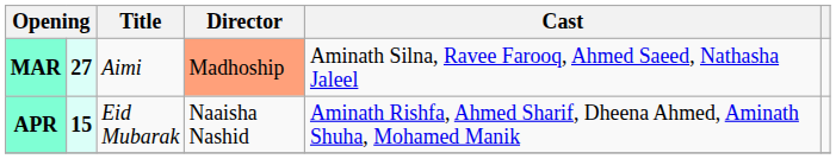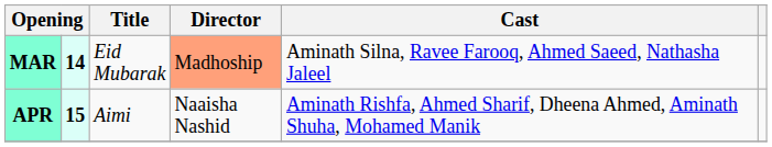 <table class="wikitable plainrowheaders" width="100%">
 <tr>
 <th scope="col" colspan="2" width="4%">Opening</th>
 <th scope="col" width="10%">Title</th>
 <th scope="col" width="15%">Director</th>
 <th scope="col" width="73%">Cast</th>
 <th scope="col" width="2%"></th>
 </tr>
 <tr>
 <td style="text-align:center; background:#7FFFD4; textcolor:#000;"><strong>MAR</strong></td>
-<td style="text-align:center; background:#dbfff8;"><strong>27</strong></td>
-<td><em>Aimi</em></td>
+<td style="text-align:center; background:#dbfff8;"><strong>14</strong></td>
+<td><em>Eid Mubarak</em></td>
 <td style="background: lightsalmon;">Madhoship</td>
 <td>Aminath Silna, <a href='#'>Ravee Farooq</a>, <a href='#'>Ahmed Saeed</a>, <a href='#'>Nathasha Jaleel</a></td>
 <td style="text-align:center;"></td>
 </tr>
 <tr>
 <td style="text-align:center; background:#7FFFD4; textcolor:#000;"><strong>APR</strong></td>
 <td style="text-align:center; background:#dbfff8;"><strong>15</strong></td>
-<td><em>Eid Mubarak</em></td>
+<td><em>Aimi</em></td>
 <td>Naaisha Nashid</td>
 <td><a href='#'>Aminath Rishfa</a>, <a href='#'>Ahmed Sharif</a>, Dheena Ahmed, <a href='#'>Aminath Shuha</a>, <a href='#'>Mohamed Manik</a></td>
 <td style="text-align:center;"></td>
 </tr>
 <tr>
 </tr>
 </table>
